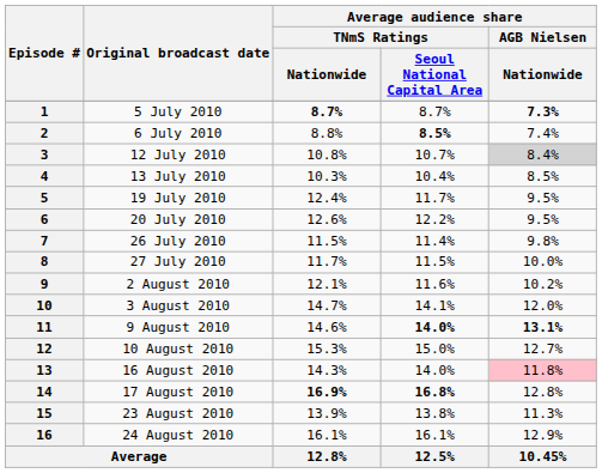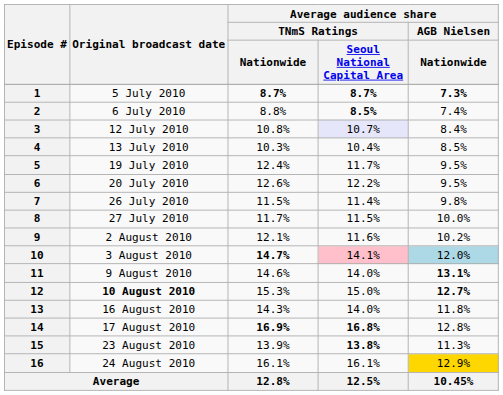 <table class="wikitable" style="text-align:center">
 <tr>
 <th rowspan="3">Episode #</th>
 <th rowspan="3">Original broadcast date</th>
 <th colspan="4">Average audience share</th>
 </tr>
 <tr>
 <th colspan="2">TNmS Ratings</th>
 <th colspan="2">AGB Nielsen</th>
 </tr>
 <tr>
 <th width=100>Nationwide</th>
 <th width=100><a href='#'>Seoul National Capital Area</a></th>
 <th width=100>Nationwide</th>
 </tr>
 <tr>
 </tr>
 <tr>
 <th>1</th>
 <td>5 July 2010</td>
 <td><span><strong>8.7%</strong></span></td>
-<td>8.7%</td>
+<td><strong>8.7%</strong></td>
 <td><span><strong>7.3%</strong></span></td>
 </tr>
 <tr>
 <th>2</th>
 <td>6 July 2010</td>
 <td>8.8%</td>
 <td><span><strong>8.5%</strong></span></td>
 <td>7.4%</td>
 </tr>
 <tr>
 <th>3</th>
 <td>12 July 2010</td>
 <td>10.8%</td>
-<td>10.7%</td>
-<td style="background: lightgrey;">8.4%</td>
+<td style="background: lavender;">10.7%</td>
+<td>8.4%</td>
 </tr>
 <tr>
 <th>4</th>
 <td>13 July 2010</td>
 <td>10.3%</td>
 <td>10.4%</td>
 <td>8.5%</td>
 </tr>
 <tr>
 <th>5</th>
 <td>19 July 2010</td>
 <td>12.4%</td>
 <td>11.7%</td>
 <td>9.5%</td>
 </tr>
 <tr>
 <th>6</th>
 <td>20 July 2010</td>
 <td>12.6%</td>
 <td>12.2%</td>
 <td>9.5%</td>
 </tr>
 <tr>
 <th>7</th>
 <td>26 July 2010</td>
 <td>11.5%</td>
 <td>11.4%</td>
 <td>9.8%</td>
 </tr>
 <tr>
 <th>8</th>
 <td>27 July 2010</td>
 <td>11.7%</td>
 <td>11.5%</td>
 <td>10.0%</td>
 </tr>
 <tr>
 <th>9</th>
 <td>2 August 2010</td>
 <td>12.1%</td>
 <td>11.6%</td>
 <td>10.2%</td>
 </tr>
 <tr>
 <th>10</th>
 <td>3 August 2010</td>
-<td>14.7%</td>
-<td>14.1%</td>
-<td>12.0%</td>
+<td><strong>14.7%</strong></td>
+<td style="background: pink;">14.1%</td>
+<td style="background: lightblue;">12.0%</td>
 </tr>
 <tr>
 <th>11</th>
 <td>9 August 2010</td>
 <td>14.6%</td>
-<td><strong>14.0%</strong></td>
+<td>14.0%</td>
 <td><span><strong>13.1%</strong></span></td>
 </tr>
 <tr>
 <th>12</th>
-<td>10 August 2010</td>
+<td><strong>10 August 2010</strong></td>
 <td>15.3%</td>
 <td>15.0%</td>
-<td>12.7%</td>
+<td><strong>12.7%</strong></td>
 </tr>
 <tr>
 <th>13</th>
 <td>16 August 2010</td>
 <td>14.3%</td>
 <td>14.0%</td>
-<td style="background: pink;">11.8%</td>
+<td>11.8%</td>
 </tr>
 <tr>
 <th>14</th>
 <td>17 August 2010</td>
 <td><span><strong>16.9%</strong></span></td>
 <td><span><strong>16.8%</strong></span></td>
 <td>12.8%</td>
 </tr>
 <tr>
 <th>15</th>
 <td>23 August 2010</td>
 <td>13.9%</td>
-<td>13.8%</td>
+<td><strong>13.8%</strong></td>
 <td>11.3%</td>
 </tr>
 <tr>
 <th>16</th>
 <td>24 August 2010</td>
 <td>16.1%</td>
 <td>16.1%</td>
-<td>12.9%</td>
+<td style="background: gold;">12.9%</td>
 </tr>
 <tr>
 <th colspan="2">Average</th>
 <th>12.8%</th>
 <th>12.5%</th>
 <th>10.45%</th>
 </tr>
 </table>
